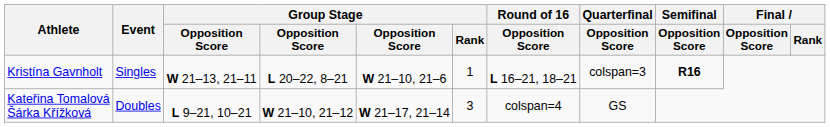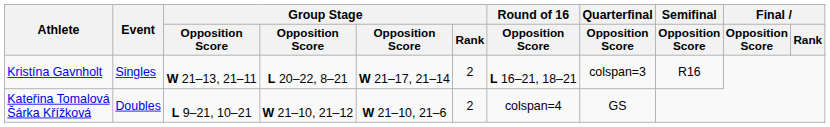 <table class="wikitable" style="font-size:90%">
 <tr>
 <th rowspan=2>Athlete</th>
 <th rowspan=2>Event</th>
 <th colspan=4>Group Stage</th>
 <th>Round of 16</th>
 <th>Quarterfinal</th>
 <th>Semifinal</th>
 <th colspan=2>Final / </th>
 </tr>
 <tr style="font-size:95%">
 <th>Opposition<br>Score</th>
 <th>Opposition<br>Score</th>
 <th>Opposition<br>Score</th>
 <th>Rank</th>
 <th>Opposition<br>Score</th>
 <th>Opposition<br>Score</th>
 <th>Opposition<br>Score</th>
 <th>Opposition<br>Score</th>
 <th>Rank</th>
 </tr>
 <tr align=center>
 <td align=left><a href='#'>Kristína Gavnholt</a></td>
 <td align=left><a href='#'>Singles</a></td>
 <td><br><strong>W</strong> 21–13, 21–11</td>
 <td><br><strong>L</strong> 20–22, 8–21</td>
-<td><br><strong>W</strong> 21–10, 21–6</td>
-<td>1</td>
+<td><br><strong>W</strong> 21–17, 21–14</td>
+<td>2</td>
 <td><br><strong>L</strong> 16–21, 18–21</td>
 <td>colspan=3 </td>
-<td><strong>R16</strong></td>
+<td>R16</td>
 </tr>
 <tr align=center>
 <td align=left><a href='#'>Kateřina Tomalová</a><br><a href='#'>Šárka Křížková</a></td>
 <td align=left><a href='#'>Doubles</a></td>
 <td><br><strong>L</strong> 9–21, 10–21</td>
 <td><br> <strong>W</strong> 21–10, 21–12</td>
-<td><br><strong>W</strong> 21–17, 21–14</td>
-<td>3</td>
+<td><br><strong>W</strong> 21–10, 21–6</td>
+<td>2</td>
 <td>colspan=4 </td>
 <td>GS</td>
 </tr>
 </table>
